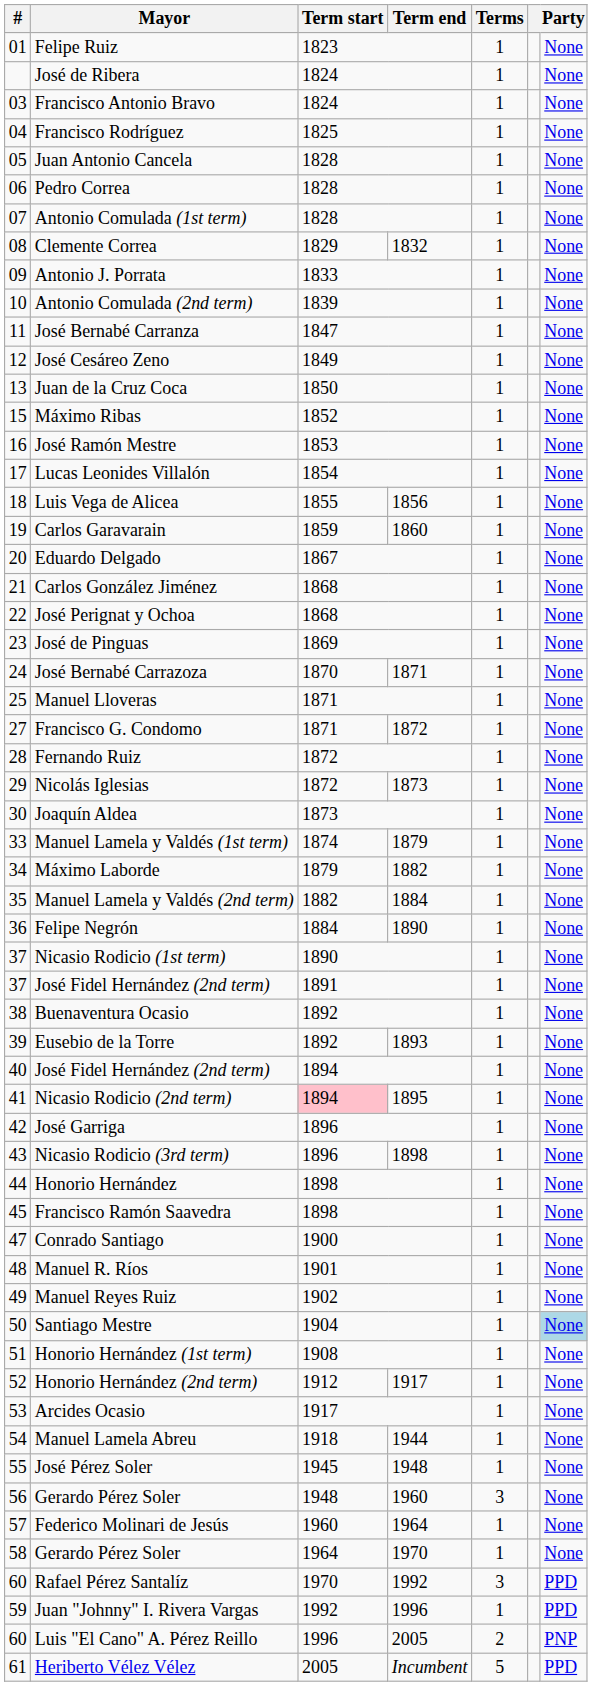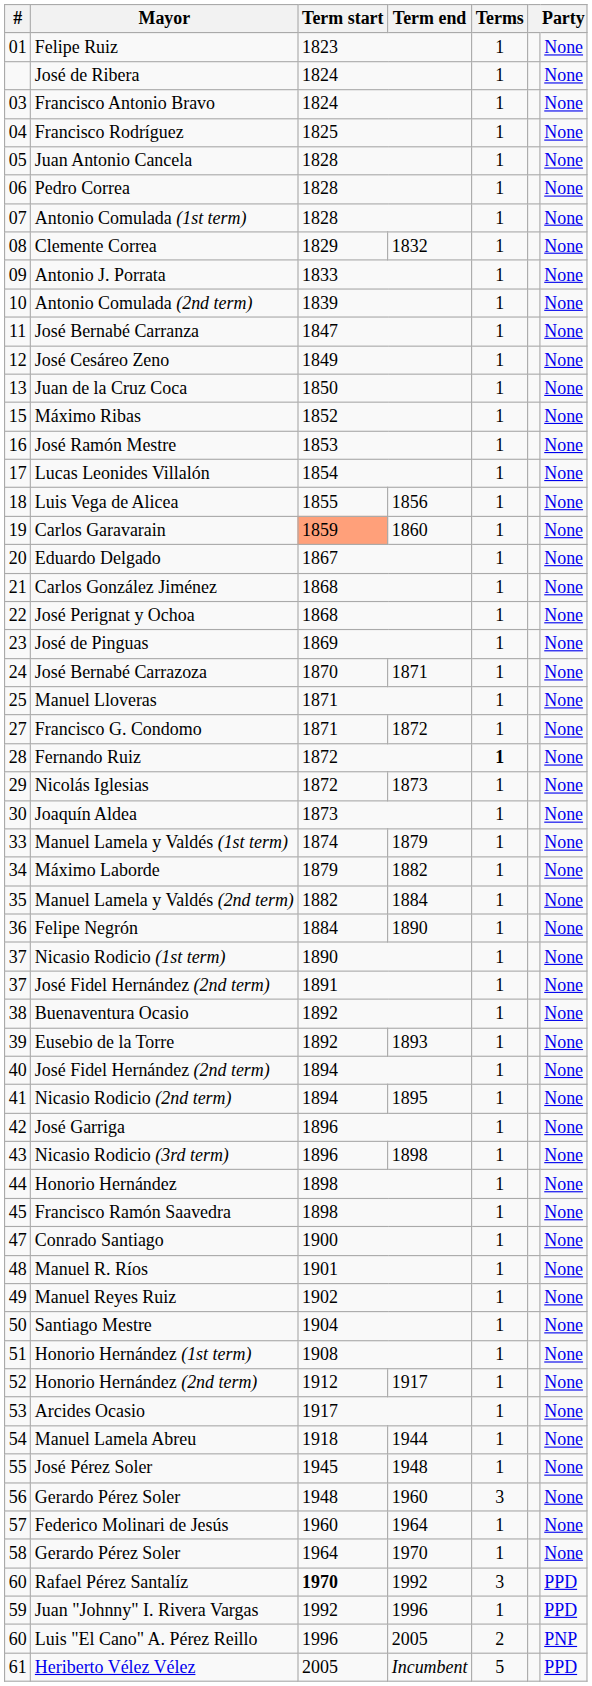 <table class="wikitable sortable">
 <tr>
 <th align="center">#</th>
 <th>Mayor</th>
 <th>Term start</th>
 <th>Term end</th>
 <th>Terms</th>
 <th class="unsortable"> </th>
 <th style="border-left-style:hidden;padding:0.1em 0em">Party</th>
 </tr>
 <tr>
 <td align="center">01</td>
 <td>Felipe Ruiz</td>
 <td colspan="2" data-sort-value="1823">1823</td>
 <td align="center">1</td>
 <td></td>
 <td><a href='#'>None</a></td>
 </tr>
 <tr>
 <td align=center></td>
 <td>José de Ribera</td>
 <td colspan="2">1824</td>
 <td align="center">1</td>
 <td></td>
 <td><a href='#'>None</a></td>
 </tr>
 <tr>
 <td align="center">03</td>
 <td>Francisco Antonio Bravo</td>
 <td colspan="2">1824</td>
 <td align="center">1</td>
 <td></td>
 <td><a href='#'>None</a></td>
 </tr>
 <tr>
 <td align="center">04</td>
 <td>Francisco Rodríguez</td>
 <td colspan="2">1825</td>
 <td align="center">1</td>
 <td></td>
 <td><a href='#'>None</a></td>
 </tr>
 <tr>
 <td align="center">05</td>
 <td>Juan Antonio Cancela</td>
 <td colspan="2">1828</td>
 <td align="center">1</td>
 <td></td>
 <td><a href='#'>None</a></td>
 </tr>
 <tr>
 <td align="center">06</td>
 <td>Pedro Correa</td>
 <td colspan="2">1828</td>
 <td align="center">1</td>
 <td></td>
 <td><a href='#'>None</a></td>
 </tr>
 <tr>
 <td align="center">07</td>
 <td>Antonio Comulada <em>(1st term)</em></td>
 <td colspan="2">1828</td>
 <td align="center">1</td>
 <td></td>
 <td><a href='#'>None</a></td>
 </tr>
 <tr>
 <td align="center">08</td>
 <td>Clemente Correa</td>
 <td>1829</td>
 <td>1832</td>
 <td align="center">1</td>
 <td></td>
 <td><a href='#'>None</a></td>
 </tr>
 <tr>
 <td align="center">09</td>
 <td>Antonio J. Porrata</td>
 <td colspan="2">1833</td>
 <td align="center">1</td>
 <td></td>
 <td><a href='#'>None</a></td>
 </tr>
 <tr>
 <td align="center">10</td>
 <td>Antonio Comulada <em>(2nd term)</em></td>
 <td colspan="2" data-sort-value="1815">1839</td>
 <td align="center">1</td>
 <td></td>
 <td><a href='#'>None</a></td>
 </tr>
 <tr>
 <td align="center">11</td>
 <td>José Bernabé Carranza</td>
 <td colspan="2">1847</td>
 <td align="center">1</td>
 <td></td>
 <td><a href='#'>None</a></td>
 </tr>
 <tr>
 <td align="center">12</td>
 <td>José Cesáreo Zeno</td>
 <td colspan="2">1849</td>
 <td align="center">1</td>
 <td></td>
 <td><a href='#'>None</a></td>
 </tr>
 <tr>
 <td align="center">13</td>
 <td>Juan de la Cruz Coca</td>
 <td colspan="2">1850</td>
 <td align="center">1</td>
 <td></td>
 <td><a href='#'>None</a></td>
 </tr>
 <tr>
 <td align="center">15</td>
 <td>Máximo Ribas</td>
 <td colspan="2">1852</td>
 <td align="center">1</td>
 <td></td>
 <td><a href='#'>None</a></td>
 </tr>
 <tr>
 <td align="center">16</td>
 <td>José Ramón Mestre</td>
 <td colspan="2">1853</td>
 <td align="center">1</td>
 <td></td>
 <td><a href='#'>None</a></td>
 </tr>
 <tr>
 <td align="center">17</td>
 <td>Lucas Leonides Villalón</td>
 <td colspan="2">1854</td>
 <td align="center">1</td>
 <td></td>
 <td><a href='#'>None</a></td>
 </tr>
 <tr>
 <td align="center">18</td>
 <td>Luis Vega de Alicea</td>
 <td>1855</td>
 <td>1856</td>
 <td align="center">1</td>
 <td></td>
 <td><a href='#'>None</a></td>
 </tr>
 <tr>
 <td align="center">19</td>
 <td>Carlos Garavarain</td>
-<td>1859</td>
+<td style="background: lightsalmon;">1859</td>
 <td>1860</td>
 <td align="center">1</td>
 <td></td>
 <td><a href='#'>None</a></td>
 </tr>
 <tr>
 <td align="center">20</td>
 <td>Eduardo Delgado</td>
 <td colspan="2">1867</td>
 <td align="center">1</td>
 <td></td>
 <td><a href='#'>None</a></td>
 </tr>
 <tr>
 <td align="center">21</td>
 <td>Carlos González Jiménez</td>
 <td colspan="2">1868</td>
 <td align="center">1</td>
 <td></td>
 <td><a href='#'>None</a></td>
 </tr>
 <tr>
 <td align="center">22</td>
 <td>José Perignat y Ochoa</td>
 <td colspan="2">1868</td>
 <td align="center">1</td>
 <td></td>
 <td><a href='#'>None</a></td>
 </tr>
 <tr>
 <td align="center">23</td>
 <td>José de Pinguas</td>
 <td colspan="2">1869</td>
 <td align="center">1</td>
 <td></td>
 <td><a href='#'>None</a></td>
 </tr>
 <tr>
 <td align="center">24</td>
 <td>José Bernabé Carrazoza</td>
 <td>1870</td>
 <td>1871</td>
 <td align="center">1</td>
 <td></td>
 <td><a href='#'>None</a></td>
 </tr>
 <tr>
 <td align="center">25</td>
 <td>Manuel Lloveras</td>
 <td colspan="2">1871</td>
 <td align="center">1</td>
 <td></td>
 <td><a href='#'>None</a></td>
 </tr>
 <tr>
 <td align="center">27</td>
 <td>Francisco G. Condomo</td>
 <td>1871</td>
 <td>1872</td>
 <td align="center">1</td>
 <td></td>
 <td><a href='#'>None</a></td>
 </tr>
 <tr>
 <td align="center">28</td>
 <td>Fernando Ruiz</td>
 <td colspan="2">1872</td>
-<td align="center">1</td>
+<td align="center"><strong>1</strong></td>
 <td></td>
 <td><a href='#'>None</a></td>
 </tr>
 <tr>
 <td align="center">29</td>
 <td>Nicolás Iglesias</td>
 <td>1872</td>
 <td>1873</td>
 <td align="center">1</td>
 <td></td>
 <td><a href='#'>None</a></td>
 </tr>
 <tr>
 <td align="center">30</td>
 <td>Joaquín Aldea</td>
 <td colspan="2">1873</td>
 <td align="center">1</td>
 <td></td>
 <td><a href='#'>None</a></td>
 </tr>
 <tr>
 <td align="center">33</td>
 <td>Manuel Lamela y Valdés <em>(1st term)</em></td>
 <td>1874</td>
 <td>1879</td>
 <td align="center">1</td>
 <td></td>
 <td><a href='#'>None</a></td>
 </tr>
 <tr>
 <td align="center">34</td>
 <td>Máximo Laborde</td>
 <td>1879</td>
 <td>1882</td>
 <td align="center">1</td>
 <td></td>
 <td><a href='#'>None</a></td>
 </tr>
 <tr>
 <td align="center">35</td>
 <td>Manuel Lamela y Valdés <em>(2nd term)</em></td>
 <td>1882</td>
 <td>1884</td>
 <td align="center">1</td>
 <td></td>
 <td><a href='#'>None</a></td>
 </tr>
 <tr>
 <td align="center">36</td>
 <td>Felipe Negrón</td>
 <td>1884</td>
 <td>1890</td>
 <td align="center">1</td>
 <td></td>
 <td><a href='#'>None</a></td>
 </tr>
 <tr>
 <td align="center">37</td>
 <td>Nicasio Rodicio <em>(1st term)</em></td>
 <td colspan="2">1890</td>
 <td align="center">1</td>
 <td></td>
 <td><a href='#'>None</a></td>
 </tr>
 <tr>
 <td align="center">37</td>
 <td>José Fidel Hernández <em>(2nd term)</em></td>
 <td colspan="2">1891</td>
 <td align="center">1</td>
 <td></td>
 <td><a href='#'>None</a></td>
 </tr>
 <tr>
 <td align="center">38</td>
 <td>Buenaventura Ocasio</td>
 <td colspan="2">1892</td>
 <td align="center">1</td>
 <td></td>
 <td><a href='#'>None</a></td>
 </tr>
 <tr>
 <td align="center">39</td>
 <td>Eusebio de la Torre</td>
 <td>1892</td>
 <td>1893</td>
 <td align="center">1</td>
 <td></td>
 <td><a href='#'>None</a></td>
 </tr>
 <tr>
 <td align="center">40</td>
 <td>José Fidel Hernández <em>(2nd term)</em></td>
 <td colspan="2">1894</td>
 <td align="center">1</td>
 <td></td>
 <td><a href='#'>None</a></td>
 </tr>
 <tr>
 <td align="center">41</td>
 <td>Nicasio Rodicio <em>(2nd term)</em></td>
-<td style="background: pink;">1894</td>
+<td>1894</td>
 <td>1895</td>
 <td align="center">1</td>
 <td></td>
 <td><a href='#'>None</a></td>
 </tr>
 <tr>
 <td align="center">42</td>
 <td>José Garriga</td>
 <td colspan="2">1896</td>
 <td align="center">1</td>
 <td></td>
 <td><a href='#'>None</a></td>
 </tr>
 <tr>
 <td align="center">43</td>
 <td>Nicasio Rodicio <em>(3rd term)</em></td>
 <td>1896</td>
 <td>1898</td>
 <td align="center">1</td>
 <td></td>
 <td><a href='#'>None</a></td>
 </tr>
 <tr>
 <td align="center">44</td>
 <td>Honorio Hernández</td>
 <td colspan="2">1898</td>
 <td align="center">1</td>
 <td></td>
 <td><a href='#'>None</a></td>
 </tr>
 <tr>
 <td align="center">45</td>
 <td>Francisco Ramón Saavedra</td>
 <td colspan="2">1898</td>
 <td align="center">1</td>
 <td></td>
 <td><a href='#'>None</a></td>
 </tr>
 <tr>
 <td align="center">47</td>
 <td>Conrado Santiago</td>
 <td colspan="2">1900</td>
 <td align="center">1</td>
 <td></td>
 <td><a href='#'>None</a></td>
 </tr>
 <tr>
 <td align="center">48</td>
 <td>Manuel R. Ríos</td>
 <td colspan="2">1901</td>
 <td align="center">1</td>
 <td></td>
 <td><a href='#'>None</a></td>
 </tr>
 <tr>
 <td align="center">49</td>
 <td>Manuel Reyes Ruiz</td>
 <td colspan="2">1902</td>
 <td align="center">1</td>
 <td></td>
 <td><a href='#'>None</a></td>
 </tr>
 <tr>
 <td align="center">50</td>
 <td>Santiago Mestre</td>
 <td colspan="2">1904</td>
 <td align="center">1</td>
 <td></td>
-<td style="background: lightblue;"><a href='#'>None</a></td>
+<td><a href='#'>None</a></td>
 </tr>
 <tr>
 <td align="center">51</td>
 <td>Honorio Hernández <em>(1st term)</em></td>
 <td colspan="2">1908</td>
 <td align="center">1</td>
 <td></td>
 <td><a href='#'>None</a></td>
 </tr>
 <tr>
 <td align="center">52</td>
 <td>Honorio Hernández <em>(2nd term)</em></td>
 <td>1912</td>
 <td>1917</td>
 <td align="center">1</td>
 <td></td>
 <td><a href='#'>None</a></td>
 </tr>
 <tr>
 <td align="center">53</td>
 <td>Arcides Ocasio</td>
 <td colspan="2">1917</td>
 <td align="center">1</td>
 <td></td>
 <td><a href='#'>None</a></td>
 </tr>
 <tr>
 <td align="center">54</td>
 <td>Manuel Lamela Abreu</td>
 <td>1918</td>
 <td>1944</td>
 <td align="center">1</td>
 <td></td>
 <td><a href='#'>None</a></td>
 </tr>
 <tr>
 <td align="center">55</td>
 <td>José Pérez Soler</td>
 <td>1945</td>
 <td>1948</td>
 <td align="center">1</td>
 <td></td>
 <td><a href='#'>None</a></td>
 </tr>
 <tr>
 <td align="center">56</td>
 <td>Gerardo Pérez Soler</td>
 <td>1948</td>
 <td>1960</td>
 <td align="center">3</td>
 <td></td>
 <td><a href='#'>None</a></td>
 </tr>
 <tr>
 <td align="center">57</td>
 <td>Federico Molinari de Jesús</td>
 <td>1960</td>
 <td>1964</td>
 <td align="center">1</td>
 <td></td>
 <td><a href='#'>None</a></td>
 </tr>
 <tr>
 <td align="center">58</td>
 <td>Gerardo Pérez Soler</td>
 <td>1964</td>
 <td>1970</td>
 <td align="center">1</td>
 <td></td>
 <td><a href='#'>None</a></td>
 </tr>
 <tr>
 <td align="center">60</td>
 <td>Rafael Pérez Santalíz</td>
-<td>1970</td>
+<td><strong>1970</strong></td>
 <td>1992</td>
 <td align="center">3</td>
 <td></td>
 <td><a href='#'>PPD</a></td>
 </tr>
 <tr>
 <td align="center">59</td>
 <td>Juan "Johnny" I. Rivera Vargas</td>
 <td>1992</td>
 <td>1996</td>
 <td align="center">1</td>
 <td></td>
 <td><a href='#'>PPD</a></td>
 </tr>
 <tr>
 <td align="center">60</td>
 <td>Luis "El Cano" A. Pérez Reillo</td>
 <td>1996</td>
 <td>2005</td>
 <td align="center">2</td>
 <td></td>
 <td><a href='#'>PNP</a></td>
 </tr>
 <tr>
 <td align="center">61</td>
 <td><a href='#'>Heriberto Vélez Vélez</a></td>
 <td>2005</td>
 <td><em>Incumbent</em></td>
 <td align="center">5</td>
 <td></td>
 <td><a href='#'>PPD</a></td>
 </tr>
 </table>
